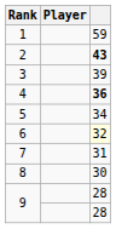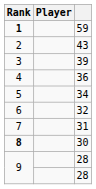 <table class=wikitable style="text-align:center">
 <tr>
 <th>Rank</th>
 <th>Player</th>
 <th></th>
 </tr>
 <tr>
-<td>1</td>
+<td><strong>1</strong></td>
 <td align=left></td>
 <td>59</td>
 </tr>
 <tr>
 <td>2</td>
 <td align=left></td>
-<td><strong>43</strong></td>
+<td>43</td>
 </tr>
 <tr>
 <td>3</td>
 <td align=left></td>
 <td>39</td>
 </tr>
 <tr>
 <td>4</td>
 <td align=left></td>
-<td><strong>36</strong></td>
+<td>36</td>
 </tr>
 <tr>
 <td>5</td>
 <td align=left></td>
 <td>34</td>
 </tr>
 <tr>
 <td>6</td>
 <td align=left></td>
-<td style="background: lightyellow;">32</td>
+<td>32</td>
 </tr>
 <tr>
 <td>7</td>
 <td align=left></td>
 <td>31</td>
 </tr>
 <tr>
-<td>8</td>
+<td><strong>8</strong></td>
 <td align=left></td>
 <td>30</td>
 </tr>
 <tr>
 <td rowspan=2>9</td>
 <td align=left></td>
 <td>28</td>
 </tr>
 <tr>
 <td align=left></td>
 <td>28</td>
 </tr>
 </table>
